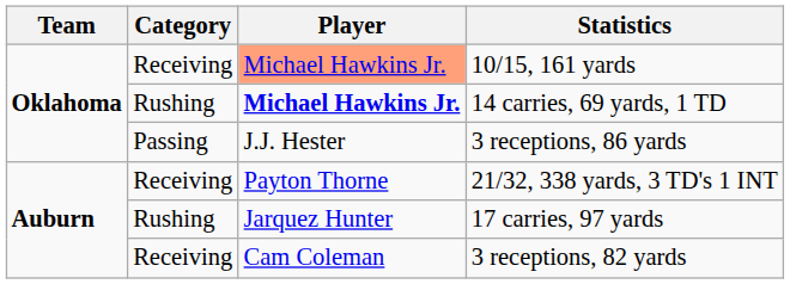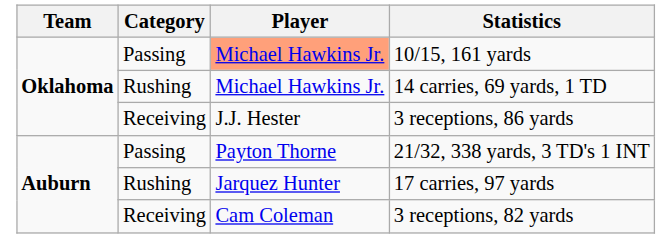 <table class="wikitable" style="float: right;">
 <tr>
 <th>Team</th>
 <th>Category</th>
 <th>Player</th>
 <th>Statistics</th>
 </tr>
 <tr>
 <td rowspan=3><strong>Oklahoma </strong></td>
-<td>Receiving</td>
+<td>Passing</td>
 <td style="background: lightsalmon;"><a href='#'>Michael Hawkins Jr.</a></td>
 <td>10/15, 161 yards</td>
 </tr>
 <tr>
 <td>Rushing</td>
-<td><strong><a href='#'>Michael Hawkins Jr.</a></strong></td>
+<td><a href='#'>Michael Hawkins Jr.</a></td>
 <td>14 carries, 69 yards, 1 TD</td>
 </tr>
 <tr>
-<td>Passing</td>
+<td>Receiving</td>
 <td>J.J. Hester</td>
 <td>3 receptions, 86 yards</td>
 </tr>
 <tr>
 <td rowspan=3><strong>Auburn </strong></td>
-<td>Receiving</td>
+<td>Passing</td>
 <td><a href='#'>Payton Thorne</a></td>
 <td>21/32, 338 yards, 3 TD's 1 INT</td>
 </tr>
 <tr>
 <td>Rushing</td>
 <td><a href='#'>Jarquez Hunter</a></td>
 <td>17 carries, 97 yards</td>
 </tr>
 <tr>
 <td>Receiving</td>
 <td><a href='#'>Cam Coleman</a></td>
 <td>3 receptions, 82 yards</td>
 </tr>
 </table>
